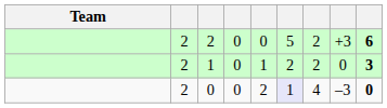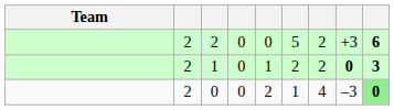 <table class="wikitable" style="text-align: center;">
 <tr>
 <th width="165">Team</th>
 <th width="20"></th>
 <th width="20"></th>
 <th width="20"></th>
 <th width="20"></th>
 <th width="20"></th>
 <th width="20"></th>
 <th width="20"></th>
 <th width="20"></th>
 </tr>
 <tr bgcolor=ccffcc>
 <td style="text-align:left;"></td>
 <td>2</td>
 <td>2</td>
 <td>0</td>
 <td>0</td>
 <td>5</td>
 <td>2</td>
 <td>+3</td>
 <td><strong>6</strong></td>
 </tr>
 <tr bgcolor=ccffcc>
 <td style="text-align:left;"></td>
 <td>2</td>
 <td>1</td>
 <td>0</td>
 <td>1</td>
 <td>2</td>
 <td>2</td>
-<td>0</td>
+<td><strong>0</strong></td>
 <td><strong>3</strong></td>
 </tr>
 <tr>
 <td style="text-align:left;"></td>
 <td>2</td>
 <td>0</td>
 <td>0</td>
 <td>2</td>
-<td style="background: lavender;">1</td>
+<td>1</td>
 <td>4</td>
 <td>–3</td>
-<td><strong>0</strong></td>
+<td style="background: lightgreen;"><strong>0</strong></td>
 </tr>
 </table>
